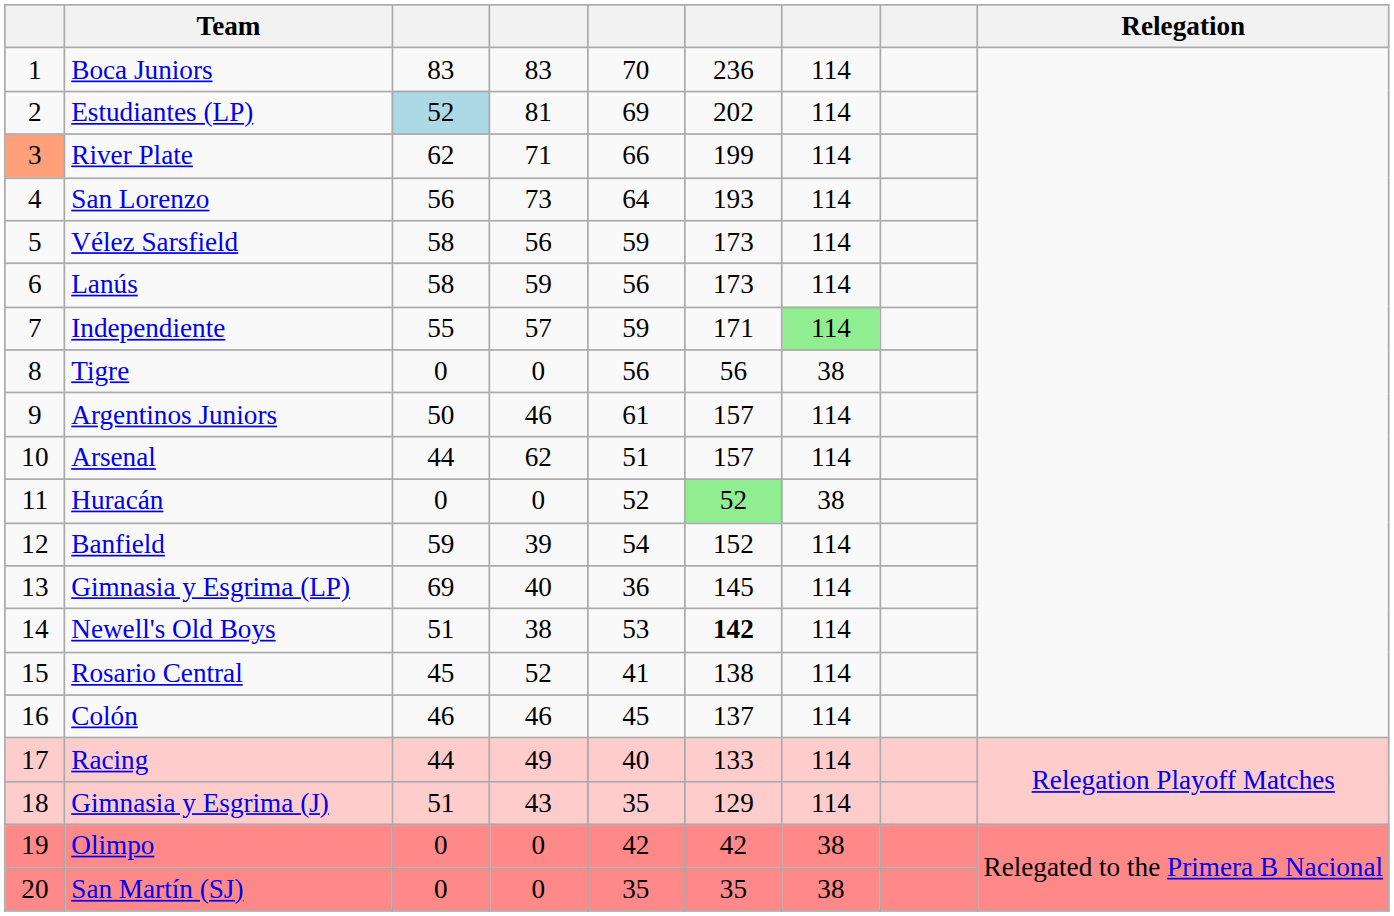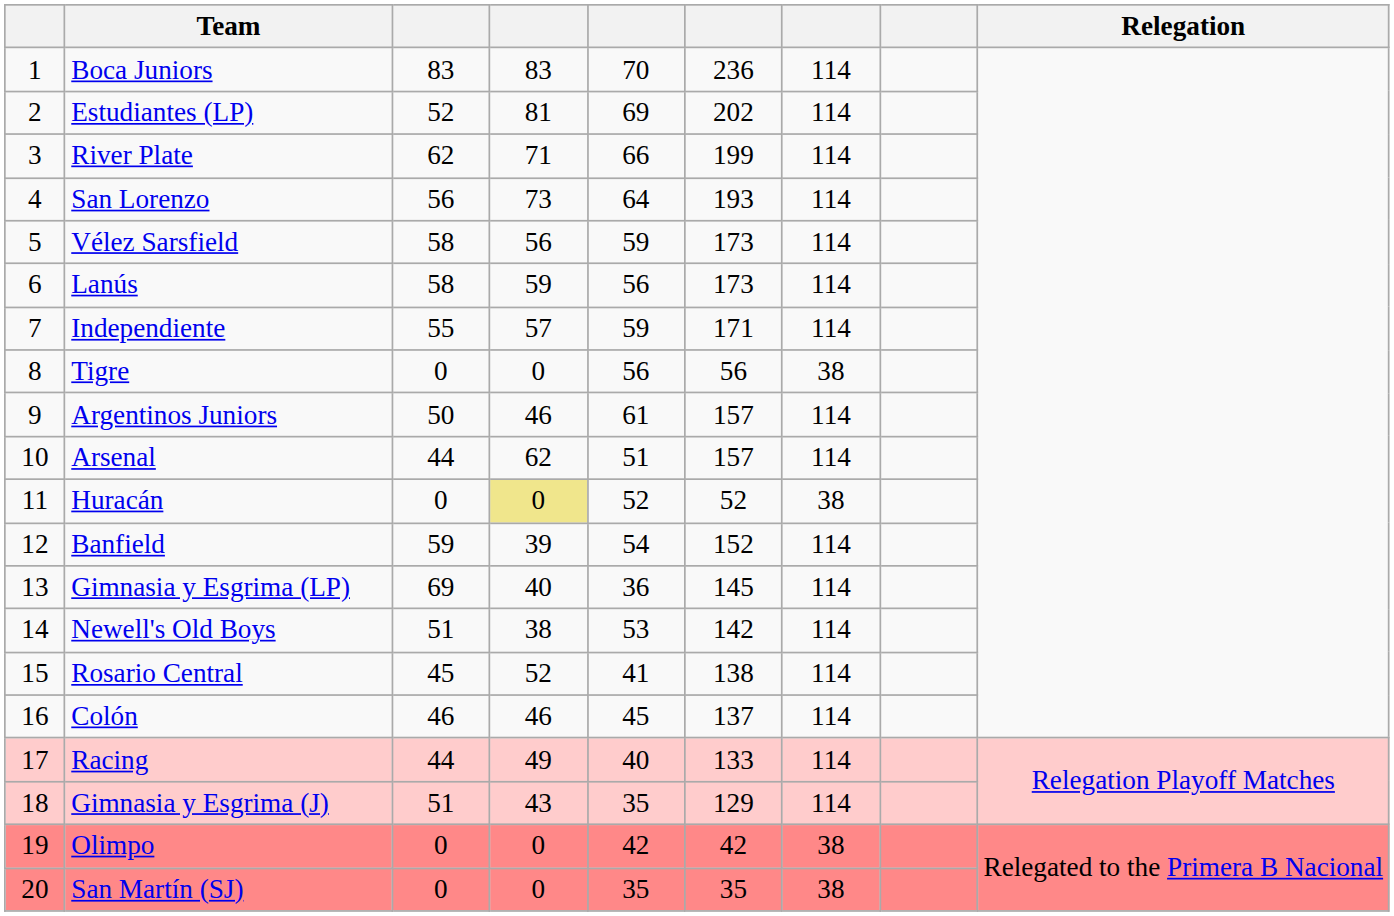 <table class="wikitable" style="text-align: center;">
 <tr>
 <th width=28><br></th>
 <th width=185>Team</th>
 <th width=50></th>
 <th width=50></th>
 <th width=50></th>
 <th width=50></th>
 <th width=50></th>
 <th width=50><br></th>
 <th>Relegation</th>
 </tr>
 <tr>
 <td>1</td>
 <td align="left"><a href='#'>Boca Juniors</a></td>
 <td>83</td>
 <td>83</td>
 <td>70</td>
 <td>236</td>
 <td>114</td>
 <td><strong></strong></td>
 </tr>
 <tr>
 <td>2</td>
 <td align="left"><a href='#'>Estudiantes (LP)</a></td>
-<td style="background: lightblue;">52</td>
+<td>52</td>
 <td>81</td>
 <td>69</td>
 <td>202</td>
 <td>114</td>
 <td><strong></strong></td>
 </tr>
 <tr>
-<td style="background: lightsalmon;">3</td>
+<td>3</td>
 <td align="left"><a href='#'>River Plate</a></td>
 <td>62</td>
 <td>71</td>
 <td>66</td>
 <td>199</td>
 <td>114</td>
 <td><strong></strong></td>
 </tr>
 <tr>
 <td>4</td>
 <td align="left"><a href='#'>San Lorenzo</a></td>
 <td>56</td>
 <td>73</td>
 <td>64</td>
 <td>193</td>
 <td>114</td>
 <td><strong></strong></td>
 </tr>
 <tr>
 <td>5</td>
 <td align="left"><a href='#'>Vélez Sarsfield</a></td>
 <td>58</td>
 <td>56</td>
 <td>59</td>
 <td>173</td>
 <td>114</td>
 <td><strong></strong></td>
 </tr>
 <tr>
 <td>6</td>
 <td align="left"><a href='#'>Lanús</a></td>
 <td>58</td>
 <td>59</td>
 <td>56</td>
 <td>173</td>
 <td>114</td>
 <td><strong></strong></td>
 </tr>
 <tr>
 <td>7</td>
 <td align="left"><a href='#'>Independiente</a></td>
 <td>55</td>
 <td>57</td>
 <td>59</td>
 <td>171</td>
-<td style="background: lightgreen;">114</td>
+<td>114</td>
 <td><strong></strong></td>
 </tr>
 <tr>
 <td>8</td>
 <td align="left"><a href='#'>Tigre</a></td>
 <td>0</td>
 <td>0</td>
 <td>56</td>
 <td>56</td>
 <td>38</td>
 <td><strong></strong></td>
 </tr>
 <tr>
 <td>9</td>
 <td align="left"><a href='#'>Argentinos Juniors</a></td>
 <td>50</td>
 <td>46</td>
 <td>61</td>
 <td>157</td>
 <td>114</td>
 <td><strong></strong></td>
 </tr>
 <tr>
 <td>10</td>
 <td align="left"><a href='#'>Arsenal</a></td>
 <td>44</td>
 <td>62</td>
 <td>51</td>
 <td>157</td>
 <td>114</td>
 <td><strong></strong></td>
 </tr>
 <tr>
 <td>11</td>
 <td align="left"><a href='#'>Huracán</a></td>
 <td>0</td>
-<td>0</td>
+<td style="background: khaki;">0</td>
 <td>52</td>
-<td style="background: lightgreen;">52</td>
+<td>52</td>
 <td>38</td>
 <td><strong></strong></td>
 </tr>
 <tr>
 <td>12</td>
 <td align="left"><a href='#'>Banfield</a></td>
 <td>59</td>
 <td>39</td>
 <td>54</td>
 <td>152</td>
 <td>114</td>
 <td><strong></strong></td>
 </tr>
 <tr>
 <td>13</td>
 <td align="left"><a href='#'>Gimnasia y Esgrima (LP)</a></td>
 <td>69</td>
 <td>40</td>
 <td>36</td>
 <td>145</td>
 <td>114</td>
 <td><strong></strong></td>
 </tr>
 <tr>
 <td>14</td>
 <td align="left"><a href='#'>Newell's Old Boys</a></td>
 <td>51</td>
 <td>38</td>
 <td>53</td>
-<td><strong>142</strong></td>
+<td>142</td>
 <td>114</td>
 <td><strong></strong></td>
 </tr>
 <tr>
 <td>15</td>
 <td align="left"><a href='#'>Rosario Central</a></td>
 <td>45</td>
 <td>52</td>
 <td>41</td>
 <td>138</td>
 <td>114</td>
 <td><strong></strong></td>
 </tr>
 <tr>
 <td>16</td>
 <td align="left"><a href='#'>Colón</a></td>
 <td>46</td>
 <td>46</td>
 <td>45</td>
 <td>137</td>
 <td>114</td>
 <td><strong></strong></td>
 </tr>
 <tr bgcolor=#FFCCCC>
 <td>17</td>
 <td align="left"><a href='#'>Racing</a></td>
 <td>44</td>
 <td>49</td>
 <td>40</td>
 <td>133</td>
 <td>114</td>
 <td><strong></strong></td>
 <td rowspan=2><a href='#'>Relegation Playoff Matches</a></td>
 </tr>
 <tr bgcolor=#FFCCCC>
 <td>18</td>
 <td align="left"><a href='#'>Gimnasia y Esgrima (J)</a></td>
 <td>51</td>
 <td>43</td>
 <td>35</td>
 <td>129</td>
 <td>114</td>
 <td><strong></strong></td>
 </tr>
 <tr bgcolor=#FF8888>
 <td>19</td>
 <td align="left"><a href='#'>Olimpo</a></td>
 <td>0</td>
 <td>0</td>
 <td>42</td>
 <td>42</td>
 <td>38</td>
 <td><strong></strong></td>
 <td rowspan=2>Relegated to the <a href='#'>Primera B Nacional</a></td>
 </tr>
 <tr bgcolor=#FF8888>
 <td>20</td>
 <td align="left"><a href='#'>San Martín (SJ)</a></td>
 <td>0</td>
 <td>0</td>
 <td>35</td>
 <td>35</td>
 <td>38</td>
 <td><strong></strong></td>
 </tr>
 </table>
